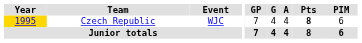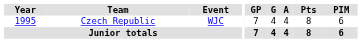 <table border="0" cellpadding="1" cellspacing="0" ID="Table3" style="text-align:center; width:40em">
 <tr ALIGN="center" bgcolor="#e0e0e0">
 <th>Year</th>
 <th>Team</th>
 <th>Event</th>
 <th rowspan="99" bgcolor="#ffffff"></th>
 <th>GP</th>
 <th>G</th>
 <th>A</th>
 <th>Pts</th>
 <th>PIM</th>
 </tr>
 <tr>
-<td style="background: gold;"><a href='#'>1995</a></td>
+<td><a href='#'>1995</a></td>
 <td><a href='#'>Czech Republic</a></td>
 <td><a href='#'>WJC</a></td>
 <td>7</td>
 <td>4</td>
 <td>4</td>
-<td><strong>8</strong></td>
+<td>8</td>
 <td>6</td>
 </tr>
 <tr bgcolor="#e0e0e0">
 <th colspan="3">Junior totals</th>
 <th>7</th>
 <th>4</th>
 <th>4</th>
 <th>8</th>
 <th>6</th>
 </tr>
 </table>
